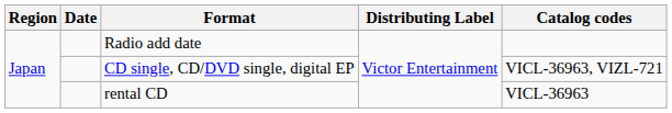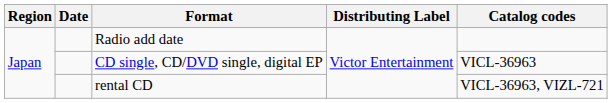 <table class="wikitable">
 <tr>
 <th>Region</th>
 <th>Date</th>
 <th>Format</th>
 <th>Distributing Label</th>
 <th>Catalog codes</th>
 </tr>
 <tr>
 <td rowspan="3"><a href='#'>Japan</a></td>
 <td></td>
 <td>Radio add date</td>
 <td rowspan="3"><a href='#'>Victor Entertainment</a></td>
 <td></td>
 </tr>
 <tr>
 <td></td>
 <td><a href='#'>CD single</a>, CD/<a href='#'>DVD</a> single, digital EP</td>
-<td>VICL-36963, VIZL-721</td>
+<td>VICL-36963</td>
 </tr>
 <tr>
 <td></td>
 <td>rental CD</td>
-<td>VICL-36963</td>
+<td>VICL-36963, VIZL-721</td>
 </tr>
 </table>
